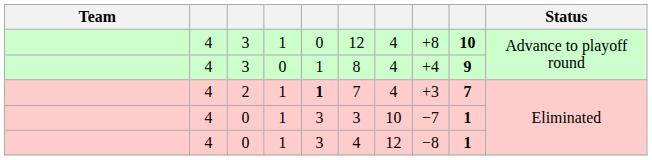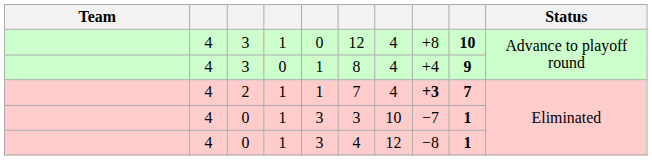 <table class="wikitable" style="text-align: center;">
 <tr>
 <th width="180">Team</th>
 <th width="30"></th>
 <th width="30"></th>
 <th width="30"></th>
 <th width="30"></th>
 <th width="30"></th>
 <th width="30"></th>
 <th width="30"></th>
 <th width="30"></th>
 <th width="155">Status</th>
 </tr>
 <tr bgcolor=#ccffcc>
 <td align=left></td>
 <td>4</td>
 <td>3</td>
 <td>1</td>
 <td>0</td>
 <td>12</td>
 <td>4</td>
 <td>+8</td>
 <td><strong>10</strong></td>
 <td rowspan=2>Advance to playoff round</td>
 </tr>
 <tr bgcolor=#ccffcc>
 <td align=left></td>
 <td>4</td>
 <td>3</td>
 <td>0</td>
 <td>1</td>
 <td>8</td>
 <td>4</td>
 <td>+4</td>
 <td><strong>9</strong></td>
 </tr>
 <tr bgcolor=#FFCCCC>
 <td align=left></td>
 <td>4</td>
 <td>2</td>
 <td>1</td>
-<td><strong>1</strong></td>
+<td>1</td>
 <td>7</td>
 <td>4</td>
-<td>+3</td>
+<td><strong>+3</strong></td>
 <td><strong>7</strong></td>
 <td rowspan=3>Eliminated</td>
 </tr>
 <tr bgcolor=#FFCCCC>
 <td align=left></td>
 <td>4</td>
 <td>0</td>
 <td>1</td>
 <td>3</td>
 <td>3</td>
 <td>10</td>
 <td>−7</td>
 <td><strong>1</strong></td>
 </tr>
 <tr bgcolor=#FFCCCC>
 <td align=left></td>
 <td>4</td>
 <td>0</td>
 <td>1</td>
 <td>3</td>
 <td>4</td>
 <td>12</td>
 <td>−8</td>
 <td><strong>1</strong></td>
 </tr>
 </table>
